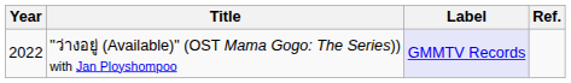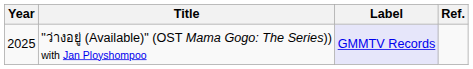 <table class="wikitable sortable">
 <tr>
 <th scope="col">Year</th>
 <th scope="col">Title</th>
 <th scope="col">Label</th>
 <th scope="col" class="unsortable">Ref.</th>
 </tr>
 <tr>
-<td>2022</td>
+<td>2025</td>
 <td>"ว่างอยู่ (Available)" (OST <em>Mama Gogo: The Series</em>))<br><small>with <a href='#'>Jan Ployshompoo</a></small></td>
 <td style="background: lavender;"><a href='#'>GMMTV Records</a></td>
 <td style="text-align: center;"></td>
 </tr>
 </table>
